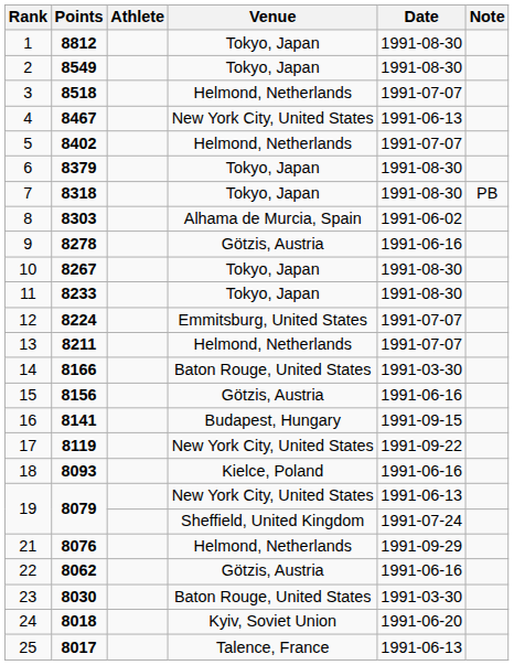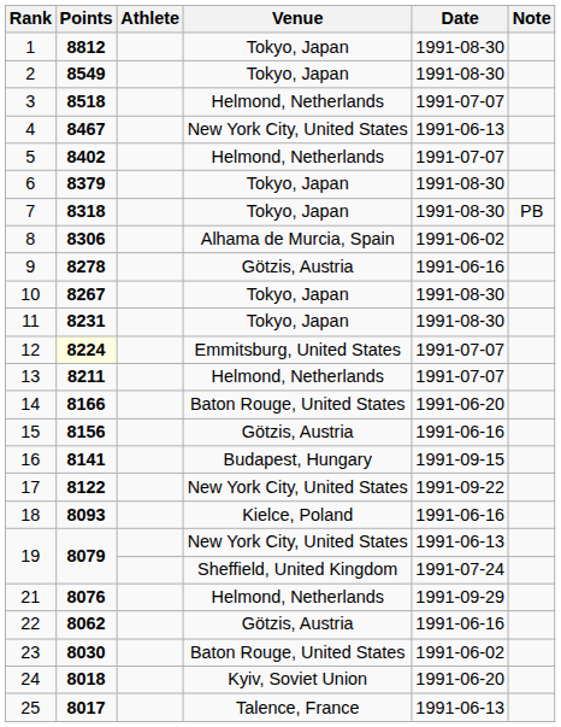 <table class="wikitable" style=" text-align:center;">
 <tr>
 <th>Rank</th>
 <th>Points</th>
 <th>Athlete</th>
 <th>Venue</th>
 <th>Date</th>
 <th>Note</th>
 </tr>
 <tr>
 <td>1</td>
 <td><strong>8812</strong></td>
 <td align=left></td>
 <td>Tokyo, Japan</td>
 <td>1991-08-30</td>
 <td></td>
 </tr>
 <tr>
 <td>2</td>
 <td><strong>8549</strong></td>
 <td align=left></td>
 <td>Tokyo, Japan</td>
 <td>1991-08-30</td>
 <td></td>
 </tr>
 <tr>
 <td>3</td>
 <td><strong>8518</strong></td>
 <td align=left></td>
 <td>Helmond, Netherlands</td>
 <td>1991-07-07</td>
 <td></td>
 </tr>
 <tr>
 <td>4</td>
 <td><strong>8467</strong></td>
 <td align=left></td>
 <td>New York City, United States</td>
 <td>1991-06-13</td>
 <td></td>
 </tr>
 <tr>
 <td>5</td>
 <td><strong>8402</strong></td>
 <td align=left></td>
 <td>Helmond, Netherlands</td>
 <td>1991-07-07</td>
 <td></td>
 </tr>
 <tr>
 <td>6</td>
 <td><strong>8379</strong></td>
 <td align=left></td>
 <td>Tokyo, Japan</td>
 <td>1991-08-30</td>
 <td></td>
 </tr>
 <tr>
 <td>7</td>
 <td><strong>8318</strong></td>
 <td align=left></td>
 <td>Tokyo, Japan</td>
 <td>1991-08-30</td>
 <td>PB</td>
 </tr>
 <tr>
 <td>8</td>
-<td><strong>8303</strong></td>
+<td><strong>8306</strong></td>
 <td align=left></td>
 <td>Alhama de Murcia, Spain</td>
 <td>1991-06-02</td>
 <td></td>
 </tr>
 <tr>
 <td>9</td>
 <td><strong>8278</strong></td>
 <td align=left></td>
 <td>Götzis, Austria</td>
 <td>1991-06-16</td>
 <td></td>
 </tr>
 <tr>
 <td>10</td>
 <td><strong>8267</strong></td>
 <td align=left></td>
 <td>Tokyo, Japan</td>
 <td>1991-08-30</td>
 <td></td>
 </tr>
 <tr>
 <td>11</td>
-<td><strong>8233</strong></td>
+<td><strong>8231</strong></td>
 <td align=left></td>
 <td>Tokyo, Japan</td>
 <td>1991-08-30</td>
 <td></td>
 </tr>
 <tr>
 <td>12</td>
-<td><strong>8224</strong></td>
+<td style="background: lightyellow;"><strong>8224</strong></td>
 <td align=left></td>
 <td>Emmitsburg, United States</td>
 <td>1991-07-07</td>
 <td></td>
 </tr>
 <tr>
 <td>13</td>
 <td><strong>8211</strong></td>
 <td align=left></td>
 <td>Helmond, Netherlands</td>
 <td>1991-07-07</td>
 <td></td>
 </tr>
 <tr>
 <td>14</td>
 <td><strong>8166</strong></td>
 <td align=left></td>
 <td>Baton Rouge, United States</td>
-<td>1991-03-30</td>
+<td>1991-06-20</td>
 <td></td>
 </tr>
 <tr>
 <td>15</td>
 <td><strong>8156</strong></td>
 <td align=left></td>
 <td>Götzis, Austria</td>
 <td>1991-06-16</td>
 <td></td>
 </tr>
 <tr>
 <td>16</td>
 <td><strong>8141</strong></td>
 <td align=left></td>
 <td>Budapest, Hungary</td>
 <td>1991-09-15</td>
 <td></td>
 </tr>
 <tr>
 <td>17</td>
-<td><strong>8119</strong></td>
+<td><strong>8122</strong></td>
 <td align=left></td>
 <td>New York City, United States</td>
 <td>1991-09-22</td>
 <td></td>
 </tr>
 <tr>
 <td>18</td>
 <td><strong>8093</strong></td>
 <td align=left></td>
 <td>Kielce, Poland</td>
 <td>1991-06-16</td>
 <td></td>
 </tr>
 <tr>
 <td rowspan=2>19</td>
 <td rowspan=2><strong>8079</strong></td>
 <td align=left></td>
 <td>New York City, United States</td>
 <td>1991-06-13</td>
 <td></td>
 </tr>
 <tr>
 <td align=left></td>
 <td>Sheffield, United Kingdom</td>
 <td>1991-07-24</td>
 <td></td>
 </tr>
 <tr>
 <td>21</td>
 <td><strong>8076</strong></td>
 <td align=left></td>
 <td>Helmond, Netherlands</td>
 <td>1991-09-29</td>
 <td></td>
 </tr>
 <tr>
 <td>22</td>
 <td><strong>8062</strong></td>
 <td align=left></td>
 <td>Götzis, Austria</td>
 <td>1991-06-16</td>
 <td></td>
 </tr>
 <tr>
 <td>23</td>
 <td><strong>8030</strong></td>
 <td align=left></td>
 <td>Baton Rouge, United States</td>
-<td>1991-03-30</td>
+<td>1991-06-02</td>
 <td></td>
 </tr>
 <tr>
 <td>24</td>
 <td><strong>8018</strong></td>
 <td align=left></td>
 <td>Kyiv, Soviet Union</td>
 <td>1991-06-20</td>
 <td></td>
 </tr>
 <tr>
 <td>25</td>
 <td><strong>8017</strong></td>
 <td align=left></td>
 <td>Talence, France</td>
 <td>1991-06-13</td>
 <td></td>
 </tr>
 </table>
